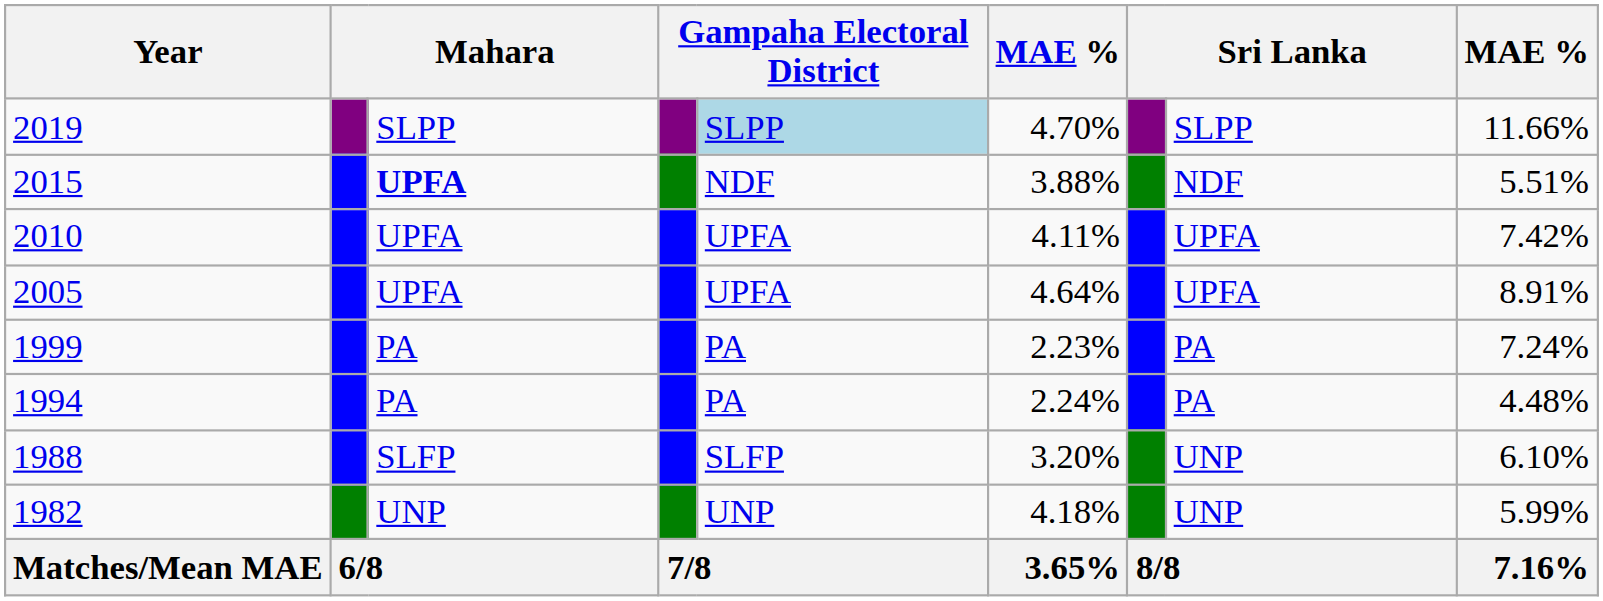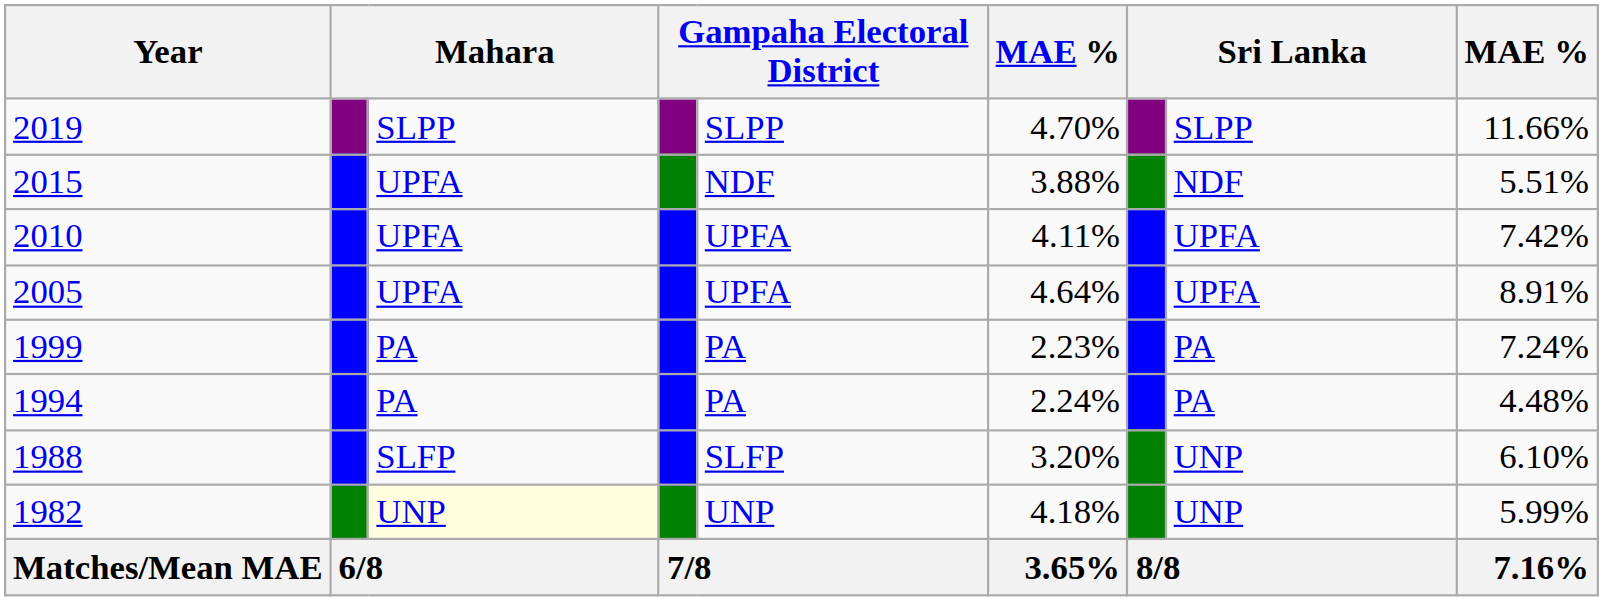 <table class="wikitable">
 <tr>
 <th>Year</th>
 <th colspan="2" width="144px">Mahara</th>
 <th colspan="2" width="144px"><a href='#'>Gampaha Electoral District</a></th>
 <th><a href='#'>MAE</a> %</th>
 <th colspan="2" width="144px">Sri Lanka</th>
 <th>MAE %</th>
 </tr>
 <tr>
 <td><a href='#'>2019</a></td>
 <td style="background-color:purple;" width="10px"></td>
 <td style="text-align:left;"><a href='#'>SLPP</a></td>
 <td style="background-color:purple;" width="10px"></td>
-<td style="background: lightblue; text-align:left;"><a href='#'>SLPP</a></td>
+<td style="text-align:left;"><a href='#'>SLPP</a></td>
 <td style="text-align:right;">4.70%</td>
 <td style="background-color:purple;" width="10px"></td>
 <td style="text-align:left;"><a href='#'>SLPP</a></td>
 <td style="text-align:right;">11.66%</td>
 </tr>
 <tr>
 <td><a href='#'>2015</a></td>
 <td style="background-color:blue;" width="10px"></td>
-<td style="text-align:left;"><strong><a href='#'>UPFA</a></strong></td>
+<td style="text-align:left;"><a href='#'>UPFA</a></td>
 <td style="background-color:green;" width="10px"></td>
 <td style="text-align:left;"><a href='#'>NDF</a></td>
 <td style="text-align:right;">3.88%</td>
 <td style="background-color:green;" width="10px"></td>
 <td style="text-align:left;"><a href='#'>NDF</a></td>
 <td style="text-align:right;">5.51%</td>
 </tr>
 <tr>
 <td><a href='#'>2010</a></td>
 <td style="background-color:blue;" width="10px"></td>
 <td style="text-align:left;"><a href='#'>UPFA</a></td>
 <td style="background-color:blue;" width="10px"></td>
 <td style="text-align:left;"><a href='#'>UPFA</a></td>
 <td style="text-align:right;">4.11%</td>
 <td style="background-color:blue;" width="10px"></td>
 <td style="text-align:left;"><a href='#'>UPFA</a></td>
 <td style="text-align:right;">7.42%</td>
 </tr>
 <tr>
 <td><a href='#'>2005</a></td>
 <td style="background-color:blue;" width="10px"></td>
 <td style="text-align:left;"><a href='#'>UPFA</a></td>
 <td style="background-color:blue;" width="10px"></td>
 <td style="text-align:left;"><a href='#'>UPFA</a></td>
 <td style="text-align:right;">4.64%</td>
 <td style="background-color:blue;" width="10px"></td>
 <td style="text-align:left;"><a href='#'>UPFA</a></td>
 <td style="text-align:right;">8.91%</td>
 </tr>
 <tr>
 <td><a href='#'>1999</a></td>
 <td style="background-color:blue;" width="10px"></td>
 <td style="text-align:left;"><a href='#'>PA</a></td>
 <td style="background-color:blue;" width="10px"></td>
 <td style="text-align:left;"><a href='#'>PA</a></td>
 <td style="text-align:right;">2.23%</td>
 <td style="background-color:blue;" width="10px"></td>
 <td style="text-align:left;"><a href='#'>PA</a></td>
 <td style="text-align:right;">7.24%</td>
 </tr>
 <tr>
 <td><a href='#'>1994</a></td>
 <td style="background-color:blue;" width="10px"></td>
 <td style="text-align:left;"><a href='#'>PA</a></td>
 <td style="background-color:blue;" width="10px"></td>
 <td style="text-align:left;"><a href='#'>PA</a></td>
 <td style="text-align:right;">2.24%</td>
 <td style="background-color:blue;" width="10px"></td>
 <td style="text-align:left;"><a href='#'>PA</a></td>
 <td style="text-align:right;">4.48%</td>
 </tr>
 <tr>
 <td><a href='#'>1988</a></td>
 <td style="background-color:blue;" width="10px"></td>
 <td style="text-align:left;"><a href='#'>SLFP</a></td>
 <td style="background-color:blue;" width="10px"></td>
 <td style="text-align:left;"><a href='#'>SLFP</a></td>
 <td style="text-align:right;">3.20%</td>
 <td style="background-color:green;" width="10px"></td>
 <td style="text-align:left;"><a href='#'>UNP</a></td>
 <td style="text-align:right;">6.10%</td>
 </tr>
 <tr>
 <td><a href='#'>1982</a></td>
 <td style="background-color:green;" width="10px"></td>
-<td style="text-align:left;"><a href='#'>UNP</a></td>
+<td style="background: lightyellow; text-align:left;"><a href='#'>UNP</a></td>
 <td style="background-color:green;" width="10px"></td>
 <td style="text-align:left;"><a href='#'>UNP</a></td>
 <td style="text-align:right;">4.18%</td>
 <td style="background-color:green;" width="10px"></td>
 <td style="text-align:left;"><a href='#'>UNP</a></td>
 <td style="text-align:right;">5.99%</td>
 </tr>
 <tr>
 <th>Matches/Mean MAE</th>
 <th style="text-align:left;"colspan="2" width="144px">6/8</th>
 <th style="text-align:left;"colspan="2" width="144px">7/8</th>
 <th style="text-align:right;">3.65%</th>
 <th style="text-align:left;"colspan="2" width="144px">8/8</th>
 <th style="text-align:right;">7.16%</th>
 </tr>
 </table>
